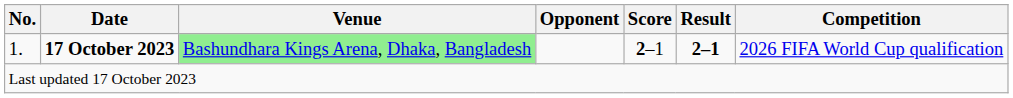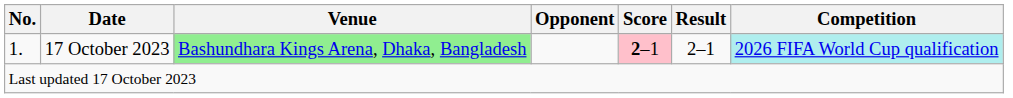 <table class="wikitable" style="font-size:100%;">
 <tr>
 <th>No.</th>
 <th>Date</th>
 <th>Venue</th>
 <th>Opponent</th>
 <th>Score</th>
 <th>Result</th>
 <th>Competition</th>
 </tr>
 <tr>
 <td>1.</td>
-<td><strong>17 October 2023</strong></td>
+<td>17 October 2023</td>
 <td style="background: lightgreen;"><a href='#'>Bashundhara Kings Arena</a>, <a href='#'>Dhaka</a>, <a href='#'>Bangladesh</a></td>
 <td></td>
-<td style="text-align:center;"><strong>2</strong>–1</td>
-<td style="text-align:center;"><strong>2–1</strong></td>
-<td><a href='#'>2026 FIFA World Cup qualification</a></td>
+<td style="background: pink; text-align:center;"><strong>2</strong>–1</td>
+<td style="text-align:center;">2–1</td>
+<td style="background: paleturquoise;"><a href='#'>2026 FIFA World Cup qualification</a></td>
 </tr>
 <tr>
 <td colspan="8"><small>Last updated 17 October 2023</small></td>
 </tr>
 </table>
